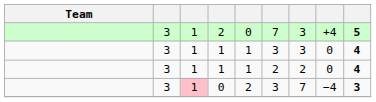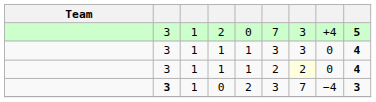 <table class="wikitable" style="text-align: center;">
 <tr>
 <th width="165">Team</th>
 <th width="25"></th>
 <th width="25"></th>
 <th width="25"></th>
 <th width="25"></th>
 <th width="25"></th>
 <th width="25"></th>
 <th width="25"></th>
 <th width="25"></th>
 </tr>
 <tr style="background:#cfc;">
 <td align=left></td>
 <td>3</td>
 <td>1</td>
 <td>2</td>
 <td>0</td>
 <td>7</td>
 <td>3</td>
 <td>+4</td>
 <td><strong>5</strong></td>
 </tr>
 <tr>
 <td align=left></td>
 <td>3</td>
 <td>1</td>
 <td>1</td>
 <td>1</td>
 <td>3</td>
 <td>3</td>
 <td>0</td>
 <td><strong>4</strong></td>
 </tr>
 <tr>
 <td align=left></td>
 <td>3</td>
 <td>1</td>
 <td>1</td>
 <td>1</td>
 <td>2</td>
-<td>2</td>
+<td style="background: lightyellow;">2</td>
 <td>0</td>
 <td><strong>4</strong></td>
 </tr>
 <tr>
 <td align=left></td>
-<td>3</td>
-<td style="background: pink;">1</td>
+<td><strong>3</strong></td>
+<td>1</td>
 <td>0</td>
 <td>2</td>
 <td>3</td>
 <td>7</td>
 <td>−4</td>
 <td><strong>3</strong></td>
 </tr>
 <tr>
 </tr>
 </table>
